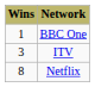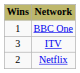 <table class="wikitable" style="text-align:center;">
 <tr>
 <th style="background:#BDB76B;">Wins</th>
 <th style="background:#BDB76B;">Network</th>
 </tr>
 <tr>
 <td>1</td>
 <td><a href='#'>BBC One</a></td>
 </tr>
 <tr>
 <td>3</td>
 <td><a href='#'>ITV</a></td>
 </tr>
 <tr>
-<td>8</td>
+<td>2</td>
 <td><a href='#'>Netflix</a></td>
 </tr>
 </table>
